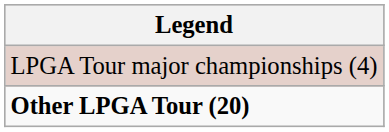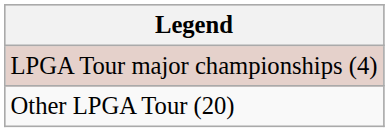 <table class="wikitable" style="font-size:95%;">
 <tr>
 <th>Legend</th>
 </tr>
 <tr style="background:#e5d1cb;">
 <td>LPGA Tour major championships (4)</td>
 </tr>
 <tr>
-<td><strong>Other LPGA Tour (20)</strong></td>
+<td>Other LPGA Tour (20)</td>
 </tr>
 </table>
